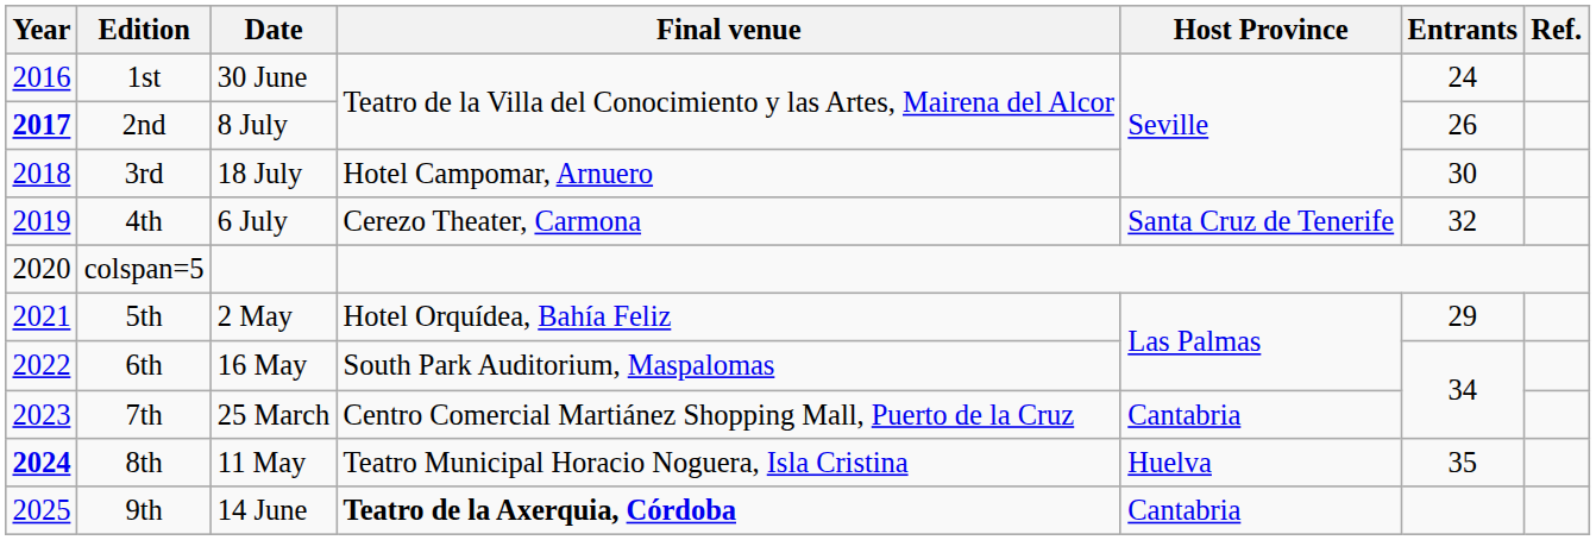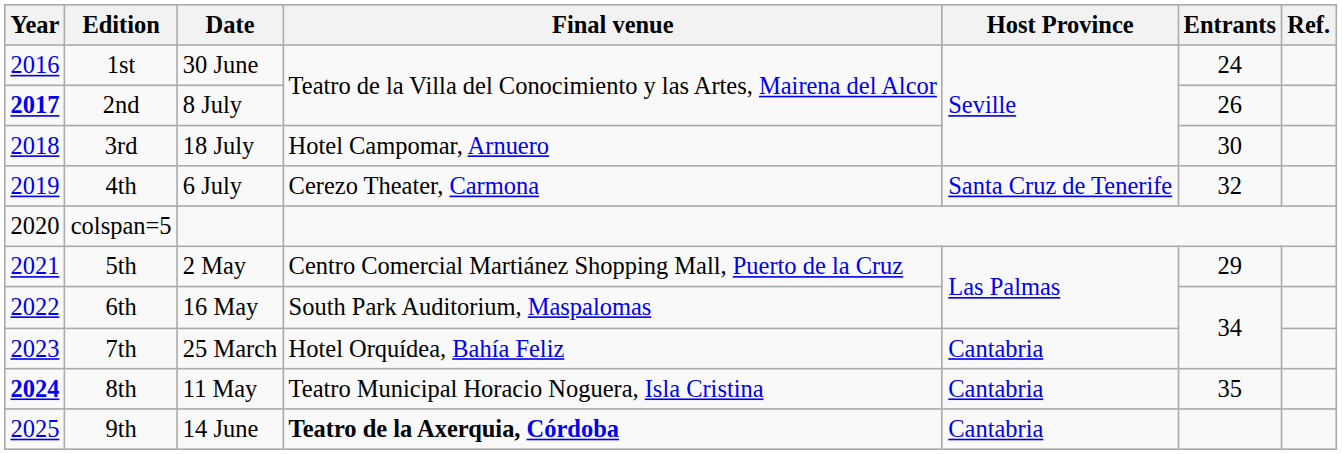 <table class="wikitable" style="font-size: 95%">
 <tr>
 <th>Year</th>
 <th>Edition</th>
 <th>Date</th>
 <th>Final venue</th>
 <th>Host Province</th>
 <th>Entrants</th>
 <th>Ref.</th>
 </tr>
 <tr>
 <td style="text-align: center;"><a href='#'>2016</a></td>
 <td style="text-align: center;">1st</td>
 <td>30 June</td>
 <td rowspan=2>Teatro de la Villa del Conocimiento y las Artes, <a href='#'>Mairena del Alcor</a></td>
 <td rowspan=3><a href='#'>Seville</a></td>
 <td align=center>24</td>
 <td align=center></td>
 </tr>
 <tr>
 <td style="text-align: center;"><strong><a href='#'>2017</a></strong></td>
 <td style="text-align: center;">2nd</td>
 <td>8 July</td>
 <td align=center>26</td>
 <td align=center></td>
 </tr>
 <tr>
 <td style="text-align: center;"><a href='#'>2018</a></td>
 <td style="text-align: center;">3rd</td>
 <td>18 July</td>
 <td>Hotel Campomar, <a href='#'>Arnuero</a></td>
 <td align=center>30</td>
 <td align=center></td>
 </tr>
 <tr>
 <td style="text-align: center;"><a href='#'>2019</a></td>
 <td style="text-align: center;">4th</td>
 <td>6 July</td>
 <td>Cerezo Theater, <a href='#'>Carmona</a></td>
 <td><a href='#'>Santa Cruz de Tenerife</a></td>
 <td align=center>32</td>
 <td align=center></td>
 </tr>
 <tr>
 <td style="text-align: center;">2020</td>
 <td>colspan=5 </td>
 <td align=center></td>
 </tr>
 <tr>
 <td style="text-align: center;"><a href='#'>2021</a></td>
 <td style="text-align: center;">5th</td>
 <td>2 May</td>
-<td>Hotel Orquídea, <a href='#'>Bahía Feliz</a></td>
+<td>Centro Comercial Martiánez Shopping Mall, <a href='#'>Puerto de la Cruz</a></td>
 <td rowspan=2><a href='#'>Las Palmas</a></td>
 <td align=center>29</td>
 <td align=center></td>
 </tr>
 <tr>
 <td style="text-align: center;"><a href='#'>2022</a></td>
 <td style="text-align: center;">6th</td>
 <td>16 May</td>
 <td>South Park Auditorium, <a href='#'>Maspalomas</a></td>
 <td rowspan=2 align=center>34</td>
 <td align=center></td>
 </tr>
 <tr>
 <td style="text-align: center;"><a href='#'>2023</a></td>
 <td style="text-align: center;">7th</td>
 <td>25 March</td>
-<td>Centro Comercial Martiánez Shopping Mall, <a href='#'>Puerto de la Cruz</a></td>
+<td>Hotel Orquídea, <a href='#'>Bahía Feliz</a></td>
 <td><a href='#'>Cantabria</a></td>
 <td align=center></td>
 </tr>
 <tr>
 <td style="text-align: center;"><strong><a href='#'>2024</a></strong></td>
 <td style="text-align: center;">8th</td>
 <td>11 May</td>
 <td>Teatro Municipal Horacio Noguera, <a href='#'>Isla Cristina</a></td>
-<td><a href='#'>Huelva</a></td>
+<td><a href='#'>Cantabria</a></td>
 <td align=center>35</td>
 <td align=center></td>
 </tr>
 <tr>
 <td style="text-align: center;"><a href='#'>2025</a></td>
 <td style="text-align: center;">9th</td>
 <td>14 June</td>
 <td><strong>Teatro de la Axerquia, <a href='#'>Córdoba</a></strong></td>
 <td><a href='#'>Cantabria</a></td>
 <td></td>
 <td></td>
 </tr>
 </table>
